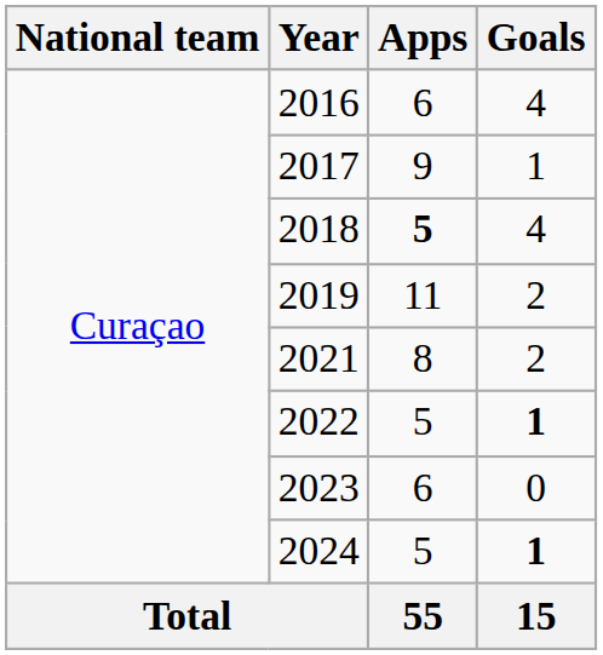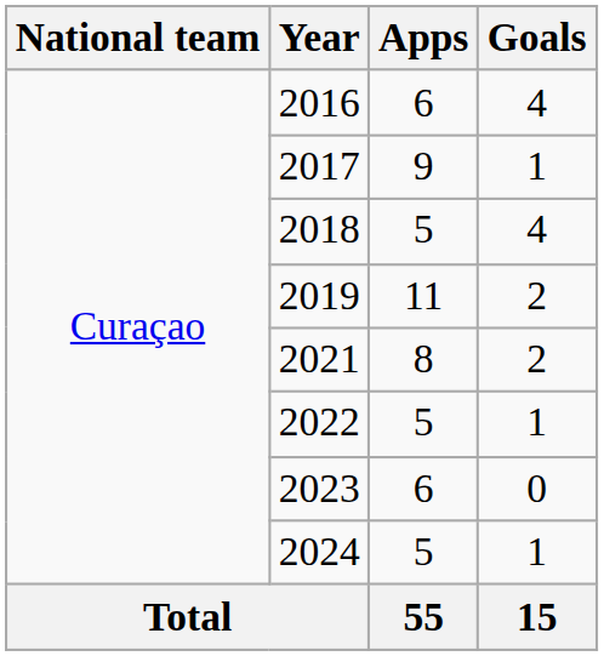 <table class="wikitable" style="text-align:center">
 <tr>
 <th>National team</th>
 <th>Year</th>
 <th>Apps</th>
 <th>Goals</th>
 </tr>
 <tr>
 <td rowspan="8"><a href='#'>Curaçao</a></td>
 <td>2016</td>
 <td>6</td>
 <td>4</td>
 </tr>
 <tr>
 <td>2017</td>
 <td>9</td>
 <td>1</td>
 </tr>
 <tr>
 <td>2018</td>
-<td><strong>5</strong></td>
+<td>5</td>
 <td>4</td>
 </tr>
 <tr>
 <td>2019</td>
 <td>11</td>
 <td>2</td>
 </tr>
 <tr>
 <td>2021</td>
 <td>8</td>
 <td>2</td>
 </tr>
 <tr>
 <td>2022</td>
 <td>5</td>
-<td><strong>1</strong></td>
+<td>1</td>
 </tr>
 <tr>
 <td>2023</td>
 <td>6</td>
 <td>0</td>
 </tr>
 <tr>
 <td>2024</td>
 <td>5</td>
-<td><strong>1</strong></td>
+<td>1</td>
 </tr>
 <tr>
 <th colspan="2">Total</th>
 <th>55</th>
 <th>15</th>
 </tr>
 </table>
